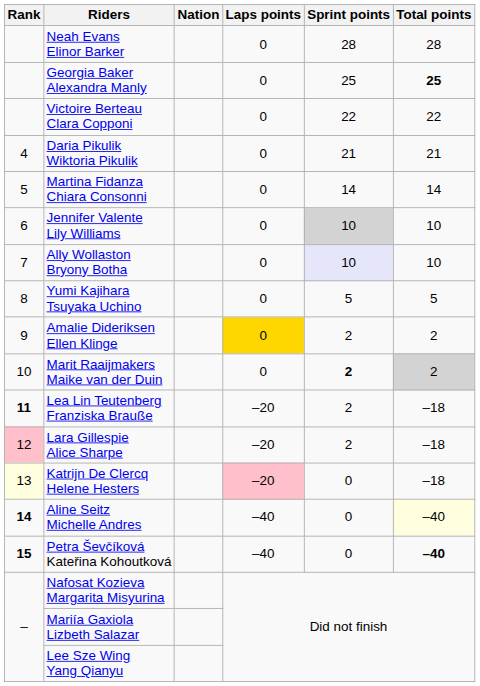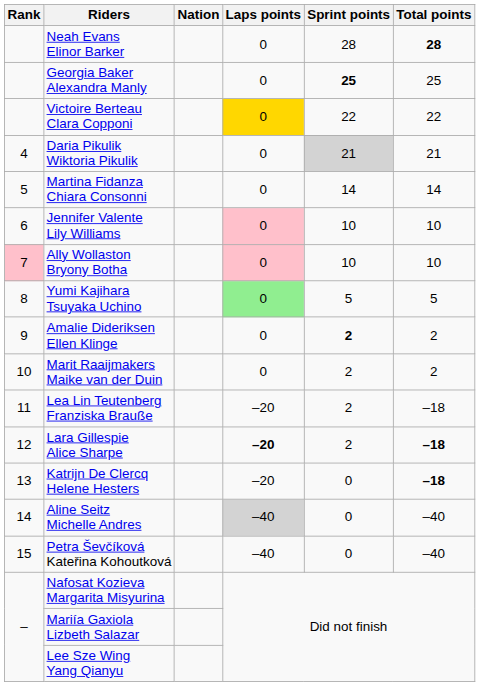 <table class="wikitable sortable" style="text-align:center">
 <tr>
 <th>Rank</th>
 <th>Riders</th>
 <th>Nation</th>
 <th>Laps points</th>
 <th>Sprint points</th>
 <th>Total points</th>
 </tr>
 <tr>
 <td></td>
 <td align=left><a href='#'>Neah Evans</a><br><a href='#'>Elinor Barker</a></td>
 <td align=left></td>
 <td>0</td>
 <td>28</td>
-<td>28</td>
+<td><strong>28</strong></td>
 </tr>
 <tr>
 <td></td>
 <td align=left><a href='#'>Georgia Baker</a><br><a href='#'>Alexandra Manly</a></td>
 <td align=left></td>
 <td>0</td>
+<td><strong>25</strong></td>
 <td>25</td>
-<td><strong>25</strong></td>
 </tr>
 <tr>
 <td></td>
 <td align=left><a href='#'>Victoire Berteau</a><br><a href='#'>Clara Copponi</a></td>
 <td align=left></td>
-<td>0</td>
+<td style="background: gold;">0</td>
 <td>22</td>
 <td>22</td>
 </tr>
 <tr>
 <td>4</td>
 <td align=left><a href='#'>Daria Pikulik</a><br><a href='#'>Wiktoria Pikulik</a></td>
 <td align=left></td>
 <td>0</td>
-<td>21</td>
+<td style="background: lightgrey;">21</td>
 <td>21</td>
 </tr>
 <tr>
 <td>5</td>
 <td align=left><a href='#'>Martina Fidanza</a><br><a href='#'>Chiara Consonni</a></td>
 <td align=left></td>
 <td>0</td>
 <td>14</td>
 <td>14</td>
 </tr>
 <tr>
 <td>6</td>
 <td align=left><a href='#'>Jennifer Valente</a><br><a href='#'>Lily Williams</a></td>
 <td align=left></td>
-<td>0</td>
-<td style="background: lightgrey;">10</td>
+<td style="background: pink;">0</td>
+<td>10</td>
 <td>10</td>
 </tr>
 <tr>
-<td>7</td>
+<td style="background: pink;">7</td>
 <td align=left><a href='#'>Ally Wollaston</a><br><a href='#'>Bryony Botha</a></td>
 <td align=left></td>
-<td>0</td>
-<td style="background: lavender;">10</td>
+<td style="background: pink;">0</td>
+<td>10</td>
 <td>10</td>
 </tr>
 <tr>
 <td>8</td>
 <td align=left><a href='#'>Yumi Kajihara</a><br><a href='#'>Tsuyaka Uchino</a></td>
 <td align=left></td>
-<td>0</td>
+<td style="background: lightgreen;">0</td>
 <td>5</td>
 <td>5</td>
 </tr>
 <tr>
 <td>9</td>
 <td align=left><a href='#'>Amalie Dideriksen</a><br><a href='#'>Ellen Klinge</a></td>
 <td align=left></td>
-<td style="background: gold;">0</td>
-<td>2</td>
+<td>0</td>
+<td><strong>2</strong></td>
 <td>2</td>
 </tr>
 <tr>
 <td>10</td>
 <td align=left><a href='#'>Marit Raaijmakers</a><br><a href='#'>Maike van der Duin</a></td>
 <td align=left></td>
 <td>0</td>
-<td><strong>2</strong></td>
-<td style="background: lightgrey;">2</td>
+<td>2</td>
+<td>2</td>
 </tr>
 <tr>
-<td><strong>11</strong></td>
+<td>11</td>
 <td align=left><a href='#'>Lea Lin Teutenberg</a><br><a href='#'>Franziska Brauße</a></td>
 <td align=left></td>
 <td>–20</td>
 <td>2</td>
 <td>–18</td>
 </tr>
 <tr>
-<td style="background: pink;">12</td>
+<td>12</td>
 <td align=left><a href='#'>Lara Gillespie</a><br><a href='#'>Alice Sharpe</a></td>
 <td align=left></td>
-<td>–20</td>
+<td><strong>–20</strong></td>
 <td>2</td>
-<td>–18</td>
+<td><strong>–18</strong></td>
 </tr>
 <tr>
-<td style="background: lightyellow;">13</td>
+<td>13</td>
 <td align=left><a href='#'>Katrijn De Clercq</a><br><a href='#'>Helene Hesters</a></td>
 <td align=left></td>
-<td style="background: pink;">–20</td>
+<td>–20</td>
 <td>0</td>
-<td>–18</td>
+<td><strong>–18</strong></td>
 </tr>
 <tr>
-<td><strong>14</strong></td>
+<td>14</td>
 <td align=left><a href='#'>Aline Seitz</a><br><a href='#'>Michelle Andres</a></td>
 <td align=left></td>
+<td style="background: lightgrey;">–40</td>
+<td>0</td>
 <td>–40</td>
-<td>0</td>
-<td style="background: lightyellow;">–40</td>
 </tr>
 <tr>
-<td><strong>15</strong></td>
+<td>15</td>
 <td align=left><a href='#'>Petra Ševčíková</a><br>Kateřina Kohoutková</td>
 <td align=left></td>
 <td>–40</td>
 <td>0</td>
-<td><strong>–40</strong></td>
+<td>–40</td>
 </tr>
 <tr>
 <td rowspan=3>–</td>
 <td align=left><a href='#'>Nafosat Kozieva</a><br><a href='#'>Margarita Misyurina</a></td>
 <td align=left></td>
 <td colspan=3 rowspan=3>Did not finish</td>
 </tr>
 <tr>
 <td align=left><a href='#'>Mariía Gaxiola</a><br><a href='#'>Lizbeth Salazar</a></td>
 <td align=left></td>
 </tr>
 <tr>
 <td align=left><a href='#'>Lee Sze Wing</a><br><a href='#'>Yang Qianyu</a></td>
 <td align=left></td>
 </tr>
 </table>
